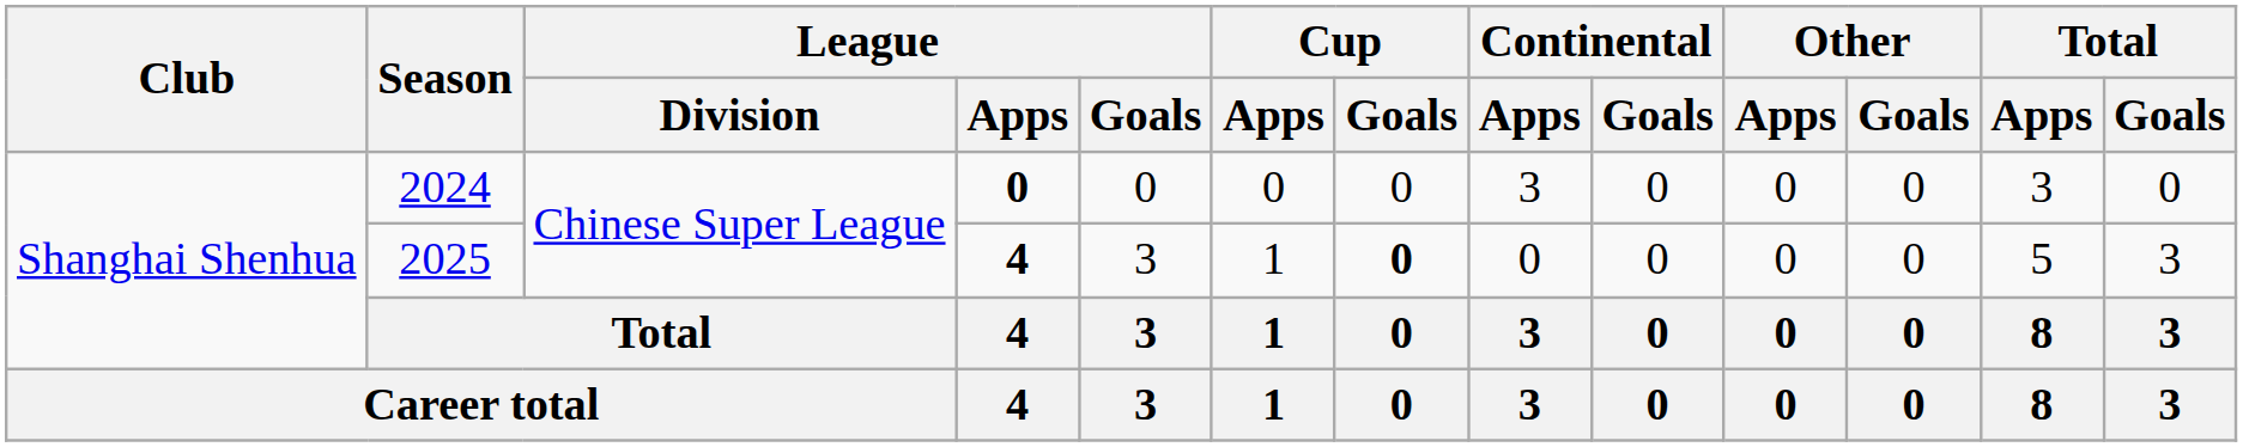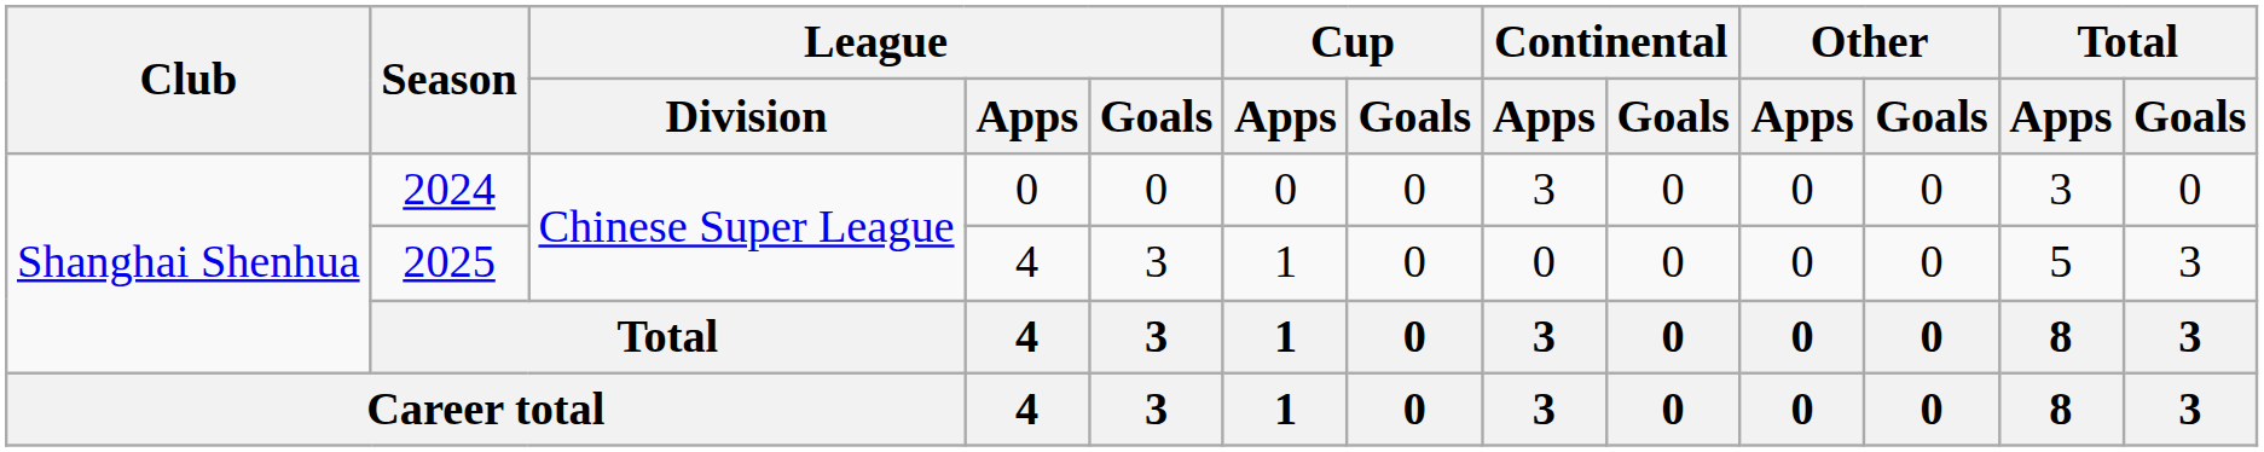 <table class="wikitable" style="text-align: center">
 <tr>
 <th rowspan="2">Club</th>
 <th rowspan="2">Season</th>
 <th colspan="3">League</th>
 <th colspan="2">Cup</th>
 <th colspan="2">Continental</th>
 <th colspan="2">Other</th>
 <th colspan="2">Total</th>
 </tr>
 <tr>
 <th>Division</th>
 <th>Apps</th>
 <th>Goals</th>
 <th>Apps</th>
 <th>Goals</th>
 <th>Apps</th>
 <th>Goals</th>
 <th>Apps</th>
 <th>Goals</th>
 <th>Apps</th>
 <th>Goals</th>
 </tr>
 <tr>
 <td rowspan="3"><a href='#'>Shanghai Shenhua</a></td>
 <td><a href='#'>2024</a></td>
 <td rowspan="2"><a href='#'>Chinese Super League</a></td>
-<td><strong>0</strong></td>
+<td>0</td>
 <td>0</td>
 <td>0</td>
 <td>0</td>
 <td>3</td>
 <td>0</td>
 <td>0</td>
 <td>0</td>
 <td>3</td>
 <td>0</td>
 </tr>
 <tr>
 <td><a href='#'>2025</a></td>
-<td><strong>4</strong></td>
+<td>4</td>
 <td>3</td>
 <td>1</td>
-<td><strong>0</strong></td>
+<td>0</td>
 <td>0</td>
 <td>0</td>
 <td>0</td>
 <td>0</td>
 <td>5</td>
 <td>3</td>
 </tr>
 <tr>
 <th colspan=2>Total</th>
 <th>4</th>
 <th>3</th>
 <th>1</th>
 <th>0</th>
 <th>3</th>
 <th>0</th>
 <th>0</th>
 <th>0</th>
 <th>8</th>
 <th>3</th>
 </tr>
 <tr>
 <th colspan=3>Career total</th>
 <th>4</th>
 <th>3</th>
 <th>1</th>
 <th>0</th>
 <th>3</th>
 <th>0</th>
 <th>0</th>
 <th>0</th>
 <th>8</th>
 <th>3</th>
 </tr>
 </table>
